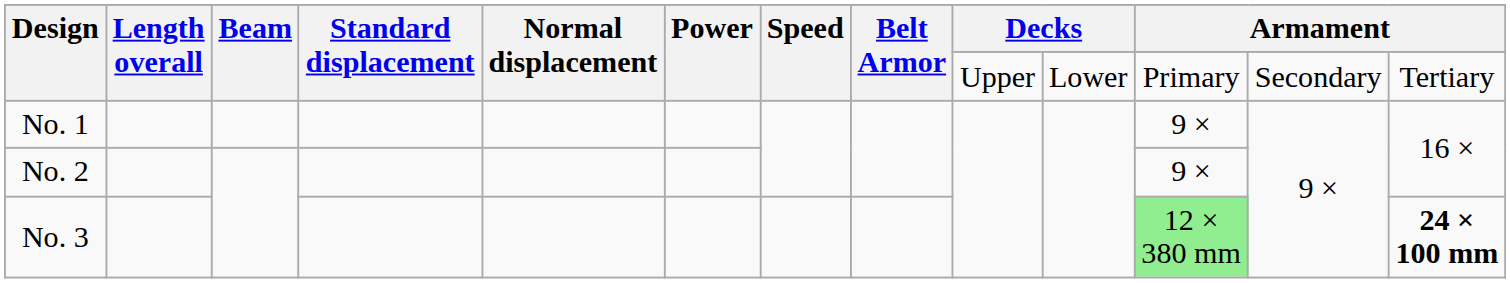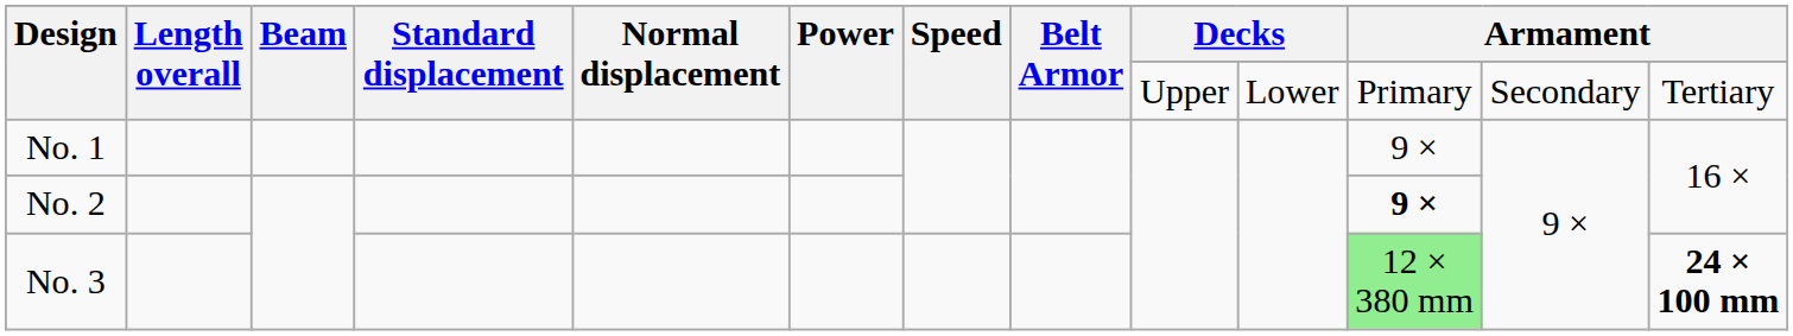 <table class="wikitable plainrowheaders" style="text-align: center;">
 <tr valign="top">
 <th rowspan = 2>Design</th>
 <th rowspan = 2><a href='#'>Length overall</a></th>
 <th rowspan = 2><a href='#'>Beam</a></th>
 <th rowspan = 2><a href='#'>Standard displacement</a></th>
 <th rowspan = 2>Normal displacement</th>
 <th rowspan = 2>Power</th>
 <th rowspan = 2>Speed</th>
 <th rowspan = 2><a href='#'>Belt Armor</a></th>
 <th colspan = 2><a href='#'>Decks</a></th>
 <th colspan = 3>Armament</th>
 </tr>
 <tr>
 <td>Upper</td>
 <td>Lower</td>
 <td>Primary</td>
 <td>Secondary</td>
 <td>Tertiary</td>
 </tr>
 <tr>
 <td>No. 1</td>
 <td></td>
 <td></td>
 <td></td>
 <td></td>
 <td></td>
 <td rowspan="2"></td>
 <td rowspan="2"></td>
 <td rowspan="3"></td>
 <td rowspan="3"></td>
 <td>9 × <a href='#'></a></td>
 <td rowspan="3">9 × <a href='#'></a></td>
 <td rowspan="2">16 × </td>
 </tr>
 <tr>
 <td>No. 2</td>
 <td></td>
 <td rowspan="2"></td>
 <td></td>
 <td></td>
 <td></td>
-<td>9 × </td>
+<td><strong>9 × </strong></td>
 </tr>
 <tr>
 <td>No. 3</td>
 <td></td>
 <td></td>
 <td></td>
 <td></td>
 <td></td>
 <td></td>
 <td style="background: lightgreen;">12 × 380 mm</td>
 <td><strong>24 × 100 mm</strong></td>
 </tr>
 </table>
